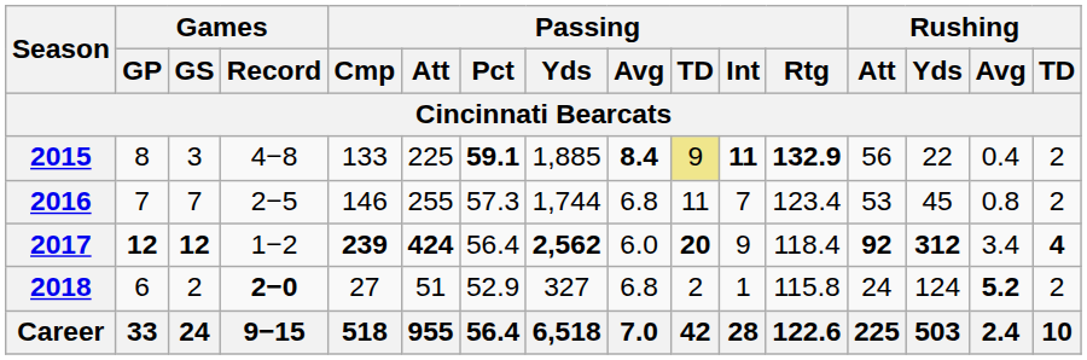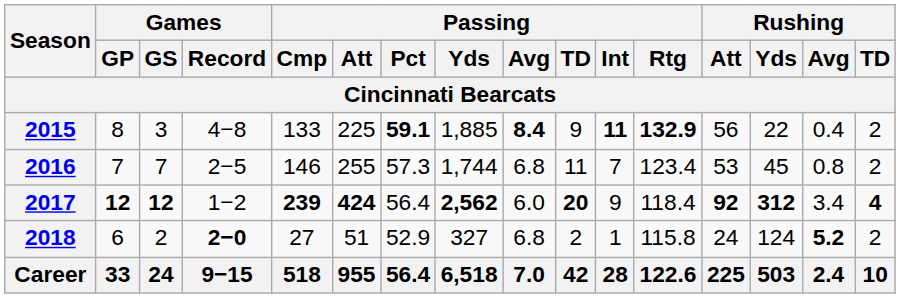 <table class="wikitable" style="text-align:center;">
 <tr>
 <th rowspan="2">Season</th>
 <th colspan="3">Games</th>
 <th colspan="8">Passing</th>
 <th colspan="5">Rushing</th>
 </tr>
 <tr>
 <th>GP</th>
 <th>GS</th>
 <th>Record</th>
 <th>Cmp</th>
 <th>Att</th>
 <th>Pct</th>
 <th>Yds</th>
 <th>Avg</th>
 <th>TD</th>
 <th>Int</th>
 <th>Rtg</th>
 <th>Att</th>
 <th>Yds</th>
 <th>Avg</th>
 <th>TD</th>
 </tr>
 <tr>
 <th colspan="16">Cincinnati Bearcats</th>
 </tr>
 <tr>
 <th><a href='#'>2015</a></th>
 <td>8</td>
 <td>3</td>
 <td>4−8</td>
 <td>133</td>
 <td>225</td>
 <td><strong>59.1</strong></td>
 <td>1,885</td>
 <td><strong>8.4</strong></td>
-<td style="background: khaki;">9</td>
+<td>9</td>
 <td><strong>11</strong></td>
 <td><strong>132.9</strong></td>
 <td>56</td>
 <td>22</td>
 <td>0.4</td>
 <td>2</td>
 </tr>
 <tr>
 <th><a href='#'>2016</a></th>
 <td>7</td>
 <td>7</td>
 <td>2−5</td>
 <td>146</td>
 <td>255</td>
 <td>57.3</td>
 <td>1,744</td>
 <td>6.8</td>
 <td>11</td>
 <td>7</td>
 <td>123.4</td>
 <td>53</td>
 <td>45</td>
 <td>0.8</td>
 <td>2</td>
 </tr>
 <tr>
 <th><a href='#'>2017</a></th>
 <td><strong>12</strong></td>
 <td><strong>12</strong></td>
 <td>1−2</td>
 <td><strong>239</strong></td>
 <td><strong>424</strong></td>
 <td>56.4</td>
 <td><strong>2,562</strong></td>
 <td>6.0</td>
 <td><strong>20</strong></td>
 <td>9</td>
 <td>118.4</td>
 <td><strong>92</strong></td>
 <td><strong>312</strong></td>
 <td>3.4</td>
 <td><strong>4</strong></td>
 </tr>
 <tr>
 <th><a href='#'>2018</a></th>
 <td>6</td>
 <td>2</td>
 <td><strong>2−0</strong></td>
 <td>27</td>
 <td>51</td>
 <td>52.9</td>
 <td>327</td>
 <td>6.8</td>
 <td>2</td>
 <td>1</td>
 <td>115.8</td>
 <td>24</td>
 <td>124</td>
 <td><strong>5.2</strong></td>
 <td>2</td>
 </tr>
 <tr class="sortbottom" style="background:#eee;">
 <th>Career</th>
 <th>33</th>
 <th>24</th>
 <th>9−15</th>
 <th>518</th>
 <th>955</th>
 <th>56.4</th>
 <th>6,518</th>
 <th>7.0</th>
 <th>42</th>
 <th>28</th>
 <th>122.6</th>
 <th>225</th>
 <th>503</th>
 <th>2.4</th>
 <th>10</th>
 </tr>
 </table>
